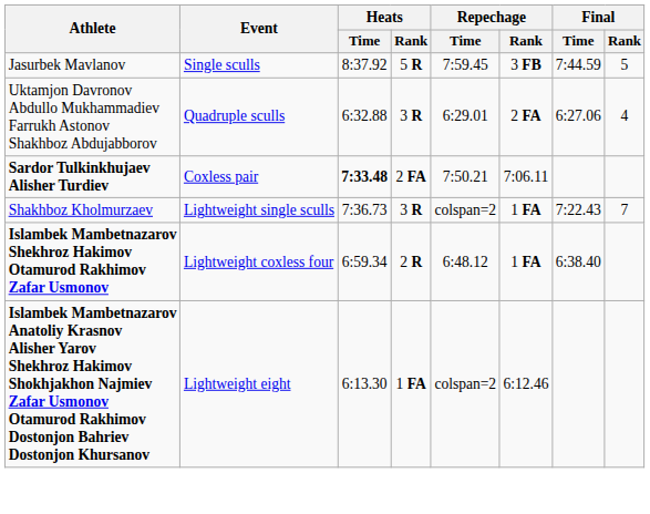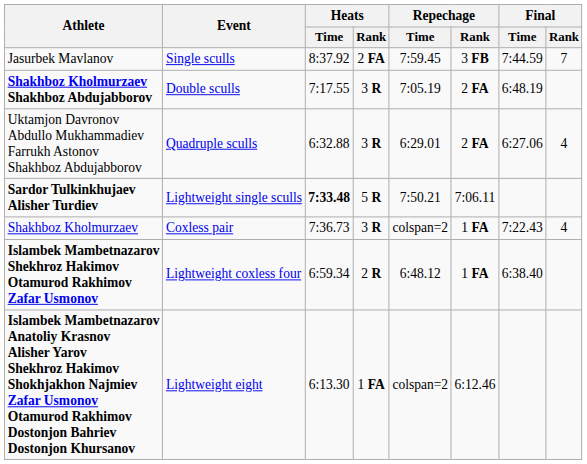 <table class=wikitable style=font-size:90%;text-align:center>
 <tr>
 <th rowspan=2>Athlete</th>
 <th rowspan=2>Event</th>
 <th colspan=2>Heats</th>
 <th colspan=2>Repechage</th>
 <th colspan=2>Final</th>
 </tr>
 <tr style="font-size:95%">
 <th>Time</th>
 <th>Rank</th>
 <th>Time</th>
 <th>Rank</th>
 <th>Time</th>
 <th>Rank</th>
 </tr>
 <tr>
 <td align=left>Jasurbek Mavlanov</td>
 <td align=left><a href='#'>Single sculls</a></td>
 <td>8:37.92</td>
-<td>5 <strong>R</strong></td>
+<td>2 <strong>FA</strong></td>
 <td>7:59.45</td>
 <td>3 <strong>FB</strong></td>
 <td>7:44.59</td>
-<td>5</td>
+<td>7</td>
+</tr>
+<tr>
+<td align=left><strong><a href='#'>Shakhboz Kholmurzaev</a><br>Shakhboz Abdujabborov</strong></td>
+<td align=left><a href='#'>Double sculls</a></td>
+<td>7:17.55</td>
+<td>3 <strong>R</strong></td>
+<td>7:05.19</td>
+<td>2 <strong>FA</strong></td>
+<td>6:48.19</td>
+<td></td>
 </tr>
 <tr>
 <td align=left>Uktamjon Davronov<br>Abdullo Mukhammadiev<br>Farrukh Astonov<br>Shakhboz Abdujabborov</td>
 <td align=left><a href='#'>Quadruple sculls</a></td>
 <td>6:32.88</td>
 <td>3 <strong>R</strong></td>
 <td>6:29.01</td>
 <td>2 <strong>FA</strong></td>
 <td>6:27.06</td>
 <td>4</td>
 </tr>
 <tr>
 <td align=left><strong>Sardor Tulkinkhujaev<br>Alisher Turdiev</strong></td>
-<td align=left><a href='#'>Coxless pair</a></td>
+<td align=left><a href='#'>Lightweight single sculls</a></td>
 <td><strong>7:33.48</strong></td>
-<td>2 <strong>FA</strong></td>
+<td>5 <strong>R</strong></td>
 <td>7:50.21</td>
 <td>7:06.11</td>
 <td></td>
 </tr>
 <tr>
 <td align=left><a href='#'>Shakhboz Kholmurzaev</a></td>
-<td align=left><a href='#'>Lightweight single sculls</a></td>
+<td align=left><a href='#'>Coxless pair</a></td>
 <td>7:36.73</td>
 <td>3 <strong>R</strong></td>
 <td>colspan=2 </td>
 <td>1 <strong>FA</strong></td>
 <td>7:22.43</td>
-<td>7</td>
+<td>4</td>
 </tr>
 <tr>
 <td align=left><strong>Islambek Mambetnazarov<br>Shekhroz Hakimov<br>Otamurod Rakhimov<br><a href='#'>Zafar Usmonov</a></strong></td>
 <td align=left><a href='#'>Lightweight coxless four</a></td>
 <td>6:59.34</td>
 <td>2 <strong>R</strong></td>
 <td>6:48.12</td>
 <td>1 <strong>FA</strong></td>
 <td>6:38.40</td>
 <td></td>
 </tr>
 <tr>
 <td align=left><strong>Islambek Mambetnazarov<br>Anatoliy Krasnov<br>Alisher Yarov<br>Shekhroz Hakimov<br>Shokhjakhon Najmiev<br><a href='#'>Zafar Usmonov</a><br>Otamurod Rakhimov<br>Dostonjon Bahriev<br>Dostonjon Khursanov</strong></td>
 <td align=left><a href='#'>Lightweight eight</a></td>
 <td>6:13.30</td>
 <td>1 <strong>FA</strong></td>
 <td>colspan=2 </td>
 <td>6:12.46</td>
 <td></td>
 </tr>
 </table>
